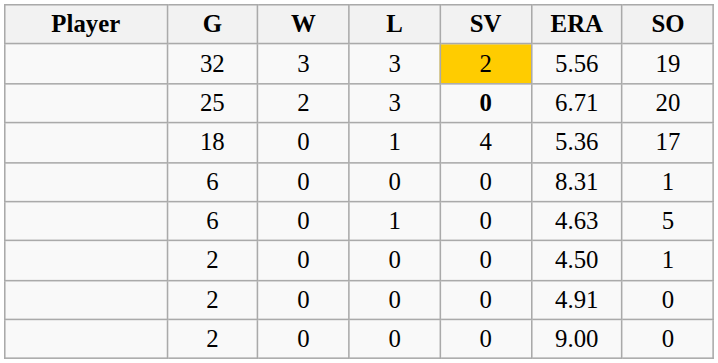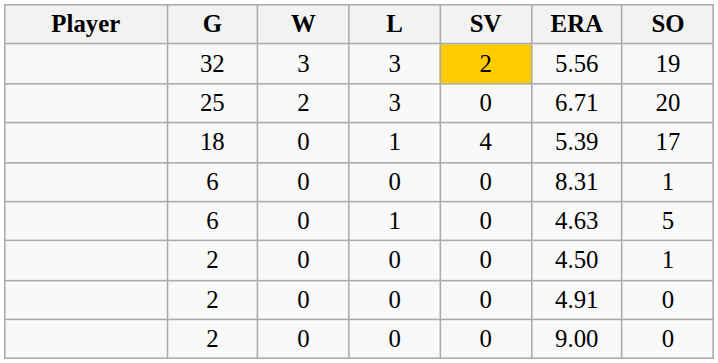 <table class="wikitable sortable">
 <tr>
 <th bgcolor="#DDDDFF" width="16%">Player</th>
 <th bgcolor="#DDDDFF" width="9%">G</th>
 <th bgcolor="#DDDDFF" width="9%">W</th>
 <th bgcolor="#DDDDFF" width="9%">L</th>
 <th bgcolor="#DDDDFF" width="9%">SV</th>
 <th bgcolor="#DDDDFF" width="9%">ERA</th>
 <th bgcolor="#DDDDFF" width="9%">SO</th>
 </tr>
 <tr align="center">
 <td></td>
 <td>32</td>
 <td>3</td>
 <td>3</td>
 <td style="background:#fc0;">2</td>
 <td>5.56</td>
 <td>19</td>
 </tr>
 <tr align="center">
 <td></td>
 <td>25</td>
 <td>2</td>
 <td>3</td>
-<td><strong>0</strong></td>
+<td>0</td>
 <td>6.71</td>
 <td>20</td>
 </tr>
 <tr align="center">
 <td></td>
 <td>18</td>
 <td>0</td>
 <td>1</td>
 <td>4</td>
-<td>5.36</td>
+<td>5.39</td>
 <td>17</td>
 </tr>
 <tr align="center">
 <td></td>
 <td>6</td>
 <td>0</td>
 <td>0</td>
 <td>0</td>
 <td>8.31</td>
 <td>1</td>
 </tr>
 <tr align="center">
 <td></td>
 <td>6</td>
 <td>0</td>
 <td>1</td>
 <td>0</td>
 <td>4.63</td>
 <td>5</td>
 </tr>
 <tr align="center">
 <td></td>
 <td>2</td>
 <td>0</td>
 <td>0</td>
 <td>0</td>
 <td>4.50</td>
 <td>1</td>
 </tr>
 <tr align="center">
 <td></td>
 <td>2</td>
 <td>0</td>
 <td>0</td>
 <td>0</td>
 <td>4.91</td>
 <td>0</td>
 </tr>
 <tr align="center">
 <td></td>
 <td>2</td>
 <td>0</td>
 <td>0</td>
 <td>0</td>
 <td>9.00</td>
 <td>0</td>
 </tr>
 </table>
